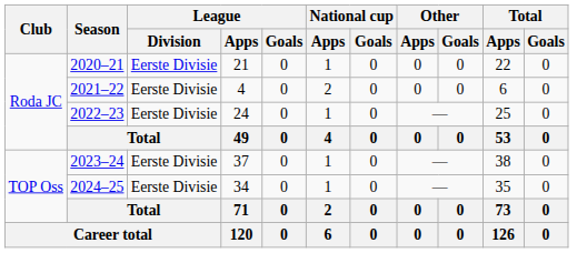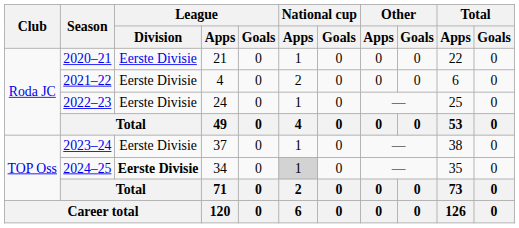 <table class="wikitable" style="text-align:center">
 <tr>
 <th rowspan="2">Club</th>
 <th rowspan="2">Season</th>
 <th colspan="3">League</th>
 <th colspan="2">National cup</th>
 <th colspan="2">Other</th>
 <th colspan="2">Total</th>
 </tr>
 <tr>
 <th>Division</th>
 <th>Apps</th>
 <th>Goals</th>
 <th>Apps</th>
 <th>Goals</th>
 <th>Apps</th>
 <th>Goals</th>
 <th>Apps</th>
 <th>Goals</th>
 </tr>
 <tr>
 <td rowspan="4"><a href='#'>Roda JC</a></td>
 <td><a href='#'>2020–21</a></td>
 <td><a href='#'>Eerste Divisie</a></td>
 <td>21</td>
 <td>0</td>
 <td>1</td>
 <td>0</td>
 <td>0</td>
 <td>0</td>
 <td>22</td>
 <td>0</td>
 </tr>
 <tr>
 <td><a href='#'>2021–22</a></td>
 <td>Eerste Divisie</td>
 <td>4</td>
 <td>0</td>
 <td>2</td>
 <td>0</td>
 <td>0</td>
 <td>0</td>
 <td>6</td>
 <td>0</td>
 </tr>
 <tr>
 <td><a href='#'>2022–23</a></td>
 <td>Eerste Divisie</td>
 <td>24</td>
 <td>0</td>
 <td>1</td>
 <td>0</td>
 <td colspan="2">—</td>
 <td>25</td>
 <td>0</td>
 </tr>
 <tr>
 <th colspan="2">Total</th>
 <th>49</th>
 <th>0</th>
 <th>4</th>
 <th>0</th>
 <th>0</th>
 <th>0</th>
 <th>53</th>
 <th>0</th>
 </tr>
 <tr>
 <td rowspan="3"><a href='#'>TOP Oss</a></td>
 <td><a href='#'>2023–24</a></td>
 <td>Eerste Divisie</td>
 <td>37</td>
 <td>0</td>
 <td>1</td>
 <td>0</td>
 <td colspan="2">—</td>
 <td>38</td>
 <td>0</td>
 </tr>
 <tr>
 <td><a href='#'>2024–25</a></td>
-<td>Eerste Divisie</td>
+<td><strong>Eerste Divisie</strong></td>
 <td>34</td>
 <td>0</td>
-<td>1</td>
+<td style="background: lightgrey;">1</td>
 <td>0</td>
 <td colspan="2">—</td>
 <td>35</td>
 <td>0</td>
 </tr>
 <tr>
 <th colspan="2">Total</th>
 <th>71</th>
 <th>0</th>
 <th>2</th>
 <th>0</th>
 <th>0</th>
 <th>0</th>
 <th>73</th>
 <th>0</th>
 </tr>
 <tr>
 <th colspan="3">Career total</th>
 <th>120</th>
 <th>0</th>
 <th>6</th>
 <th>0</th>
 <th>0</th>
 <th>0</th>
 <th>126</th>
 <th>0</th>
 </tr>
 </table>
